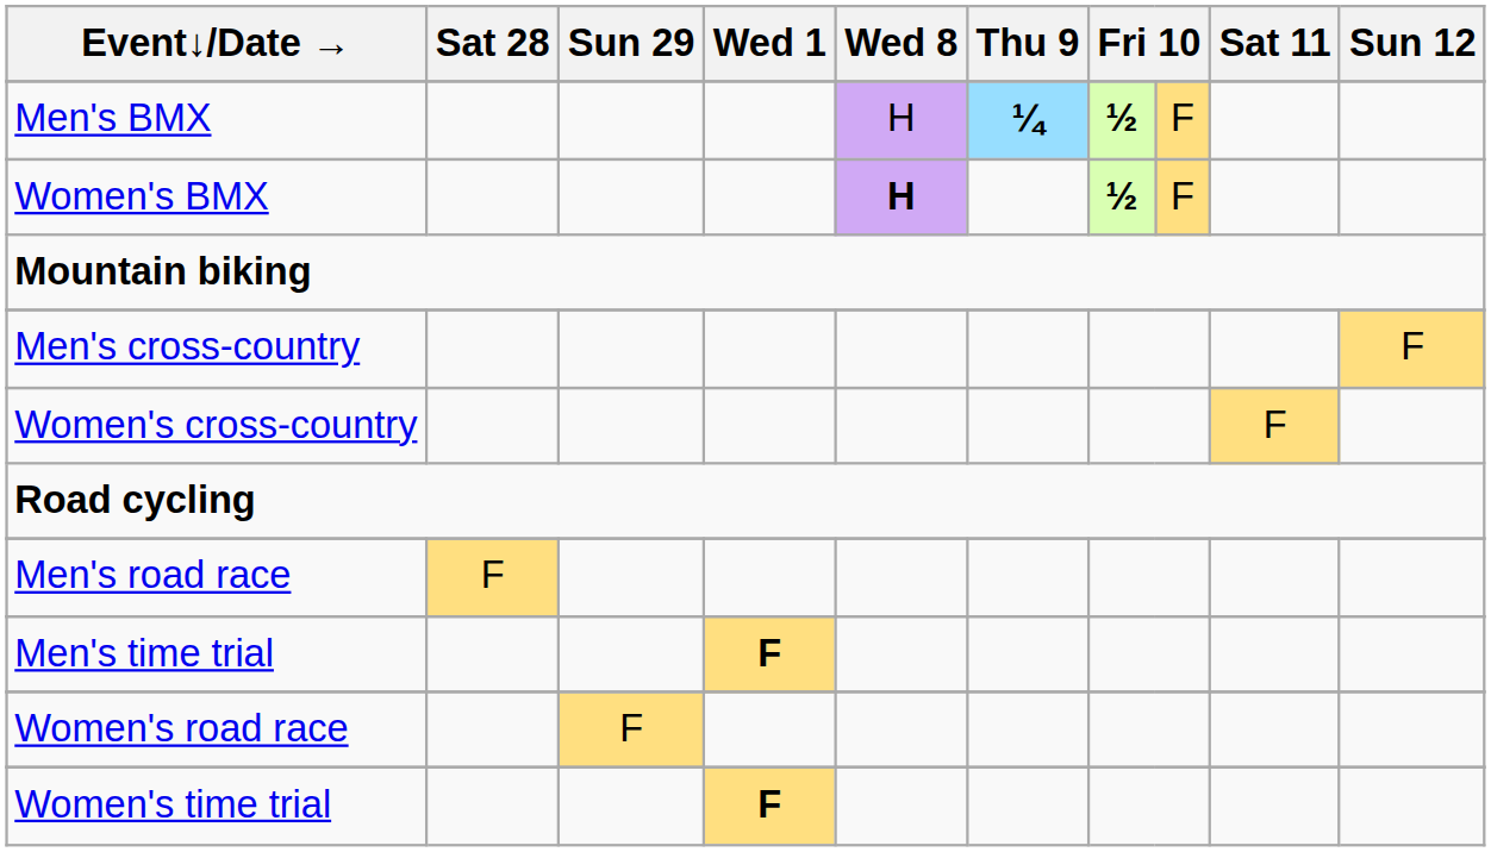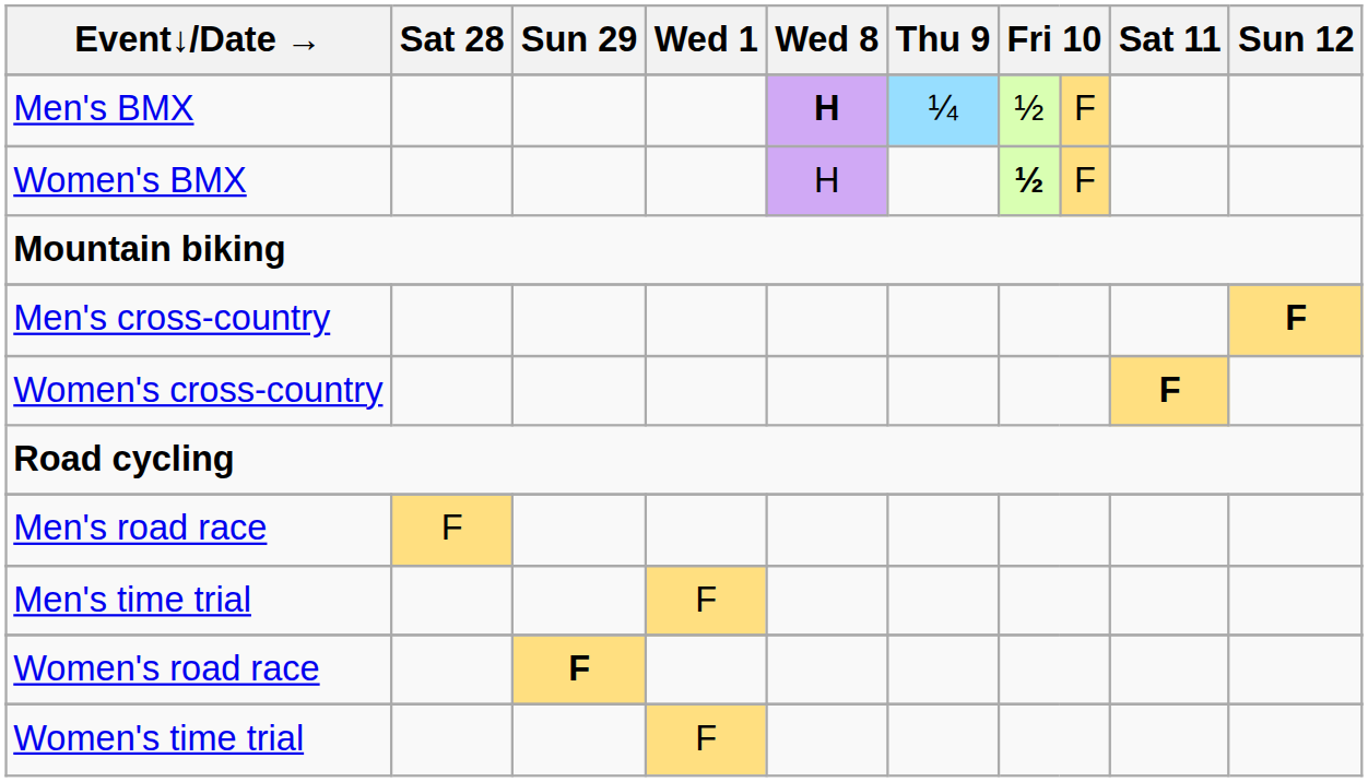 <table class="wikitable" style="margin:0.5em auto; font-size:90%; line-height:1.5em;">
 <tr style="text-align:center;">
 <th>Event↓/Date →</th>
 <th>Sat 28</th>
 <th>Sun 29</th>
 <th>Wed 1</th>
 <th>Wed 8</th>
 <th>Thu 9</th>
 <th colspan="2">Fri 10</th>
 <th>Sat 11</th>
 <th>Sun 12</th>
 </tr>
 <tr>
 </tr>
 <tr style="text-align:center;">
 <td style="text-align:left;"><a href='#'>Men's BMX</a></td>
 <td></td>
 <td></td>
 <td></td>
-<td style="background-color:#D0A9F5;">H</td>
-<td style="background-color:#97DEFF;"><strong>¼</strong></td>
-<td style="background-color:#D9FFB2;"><strong>½</strong></td>
+<td style="background-color:#D0A9F5;"><strong>H</strong></td>
+<td style="background-color:#97DEFF;">¼</td>
+<td style="background-color:#D9FFB2;">½</td>
 <td style="background-color:#FFDF80;">F</td>
 <td></td>
 <td></td>
 </tr>
 <tr>
 </tr>
 <tr style="text-align:center;">
 <td style="text-align:left;"><a href='#'>Women's BMX</a></td>
 <td></td>
 <td></td>
 <td></td>
-<td style="background-color:#D0A9F5;"><strong>H</strong></td>
+<td style="background-color:#D0A9F5;">H</td>
 <td></td>
 <td style="background-color:#D9FFB2;"><strong>½</strong></td>
 <td style="background-color:#FFDF80;">F</td>
 <td></td>
 <td></td>
 </tr>
 <tr>
 <td colspan="11"><strong>Mountain biking</strong></td>
 </tr>
 <tr>
 </tr>
 <tr style="text-align:center;">
 <td style="text-align:left;"><a href='#'>Men's cross-country</a></td>
 <td></td>
 <td></td>
 <td></td>
 <td></td>
 <td></td>
 <td colspan="2"></td>
 <td></td>
-<td style="background-color:#FFDF80;">F</td>
+<td style="background-color:#FFDF80;"><strong>F</strong></td>
 </tr>
 <tr>
 </tr>
 <tr style="text-align:center;">
 <td style="text-align:left;"><a href='#'>Women's cross-country</a></td>
 <td></td>
 <td></td>
 <td></td>
 <td></td>
 <td></td>
 <td colspan="2"></td>
-<td style="background-color:#FFDF80;">F</td>
+<td style="background-color:#FFDF80;"><strong>F</strong></td>
 <td></td>
 </tr>
 <tr>
 <td colspan="11"><strong>Road cycling</strong></td>
 </tr>
 <tr>
 </tr>
 <tr style="text-align:center;">
 <td style="text-align:left;"><a href='#'>Men's road race</a></td>
 <td style="background-color:#FFDF80;">F</td>
 <td></td>
 <td></td>
 <td></td>
 <td></td>
 <td colspan="2"></td>
 <td></td>
 <td></td>
 </tr>
 <tr>
 </tr>
 <tr style="text-align:center;">
 <td style="text-align:left;"><a href='#'>Men's time trial</a></td>
 <td></td>
 <td></td>
-<td style="background-color:#FFDF80;"><strong>F</strong></td>
+<td style="background-color:#FFDF80;">F</td>
 <td></td>
 <td></td>
 <td colspan="2"></td>
 <td></td>
 <td></td>
 </tr>
 <tr>
 </tr>
 <tr style="text-align:center;">
 <td style="text-align:left;"><a href='#'>Women's road race</a></td>
 <td></td>
-<td style="background-color:#FFDF80;">F</td>
+<td style="background-color:#FFDF80;"><strong>F</strong></td>
 <td></td>
 <td></td>
 <td></td>
 <td colspan="2"></td>
 <td></td>
 <td></td>
 </tr>
 <tr>
 </tr>
 <tr style="text-align:center;">
 <td style="text-align:left;"><a href='#'>Women's time trial</a></td>
 <td></td>
 <td></td>
-<td style="background-color:#FFDF80;"><strong>F</strong></td>
+<td style="background-color:#FFDF80;">F</td>
 <td></td>
 <td></td>
 <td colspan="2"></td>
 <td></td>
 <td></td>
 </tr>
 </table>
